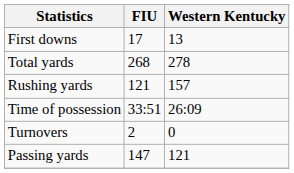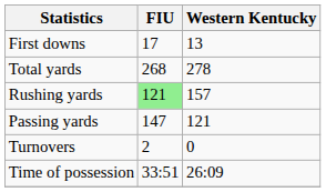 <table class="wikitable">
 <tr>
 <th>Statistics</th>
 <th>FIU</th>
 <th>Western Kentucky</th>
 </tr>
 <tr>
 <td>First downs</td>
 <td>17</td>
 <td>13</td>
 </tr>
 <tr>
 <td>Total yards</td>
 <td>268</td>
 <td>278</td>
 </tr>
 <tr>
 <td>Rushing yards</td>
+<td style="background: lightgreen;">121</td>
+<td>157</td>
+</tr>
+<tr>
+<td>Passing yards</td>
+<td>147</td>
 <td>121</td>
-<td>157</td>
+</tr>
+<tr>
+<td>Turnovers</td>
+<td>2</td>
+<td>0</td>
 </tr>
 <tr>
 <td>Time of possession</td>
 <td>33:51</td>
 <td>26:09</td>
 </tr>
 <tr>
-<td>Turnovers</td>
-<td>2</td>
-<td>0</td>
-</tr>
-<tr>
-<td>Passing yards</td>
-<td>147</td>
-<td>121</td>
-</tr>
-<tr>
 </tr>
 </table>
